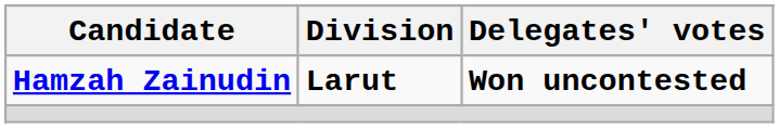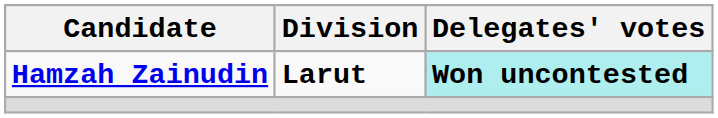 <table class="wikitable">
 <tr>
 <th>Candidate</th>
 <th>Division</th>
 <th>Delegates' votes</th>
 </tr>
 <tr>
 <td><strong><a href='#'>Hamzah Zainudin</a></strong></td>
 <td><strong>Larut</strong></td>
-<td colspan="1"><strong>Won uncontested</strong></td>
+<td colspan="1" style="background: paleturquoise;"><strong>Won uncontested</strong></td>
 </tr>
 <tr>
 <td colspan="4" bgcolor="dcdcdc"></td>
 </tr>
 </table>
